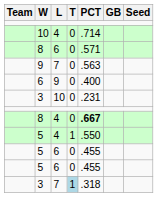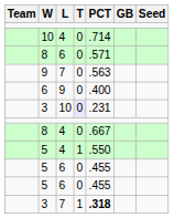 <table class=wikitable>
 <tr>
 <th>Team</th>
 <th>W</th>
 <th>L</th>
 <th>T</th>
 <th>PCT</th>
 <th>GB</th>
 <th>Seed</th>
 </tr>
 <tr>
 <td colspan=7></td>
 </tr>
 <tr bgcolor=#ccffcc>
 <td></td>
 <td>10</td>
 <td>4</td>
 <td>0</td>
 <td>.714</td>
 <td></td>
 <td></td>
 </tr>
 <tr bgcolor=#ccffcc>
 <td></td>
 <td>8</td>
 <td>6</td>
 <td>0</td>
 <td>.571</td>
 <td></td>
 <td></td>
 </tr>
 <tr>
 <td></td>
 <td>9</td>
 <td>7</td>
 <td>0</td>
 <td>.563</td>
 <td></td>
 <td></td>
 </tr>
 <tr>
 <td></td>
 <td>6</td>
 <td>9</td>
 <td>0</td>
 <td>.400</td>
 <td></td>
 <td></td>
 </tr>
 <tr>
 <td></td>
 <td>3</td>
 <td>10</td>
-<td>0</td>
+<td style="background: lavender;">0</td>
 <td>.231</td>
 <td></td>
 <td></td>
 </tr>
 <tr>
 <td colspan=7></td>
 </tr>
 <tr bgcolor=#ccffcc>
 <td></td>
 <td>8</td>
 <td>4</td>
 <td>0</td>
-<td><strong>.667</strong></td>
+<td>.667</td>
 <td></td>
 <td></td>
 </tr>
 <tr bgcolor=#ccffcc>
 <td></td>
 <td>5</td>
 <td>4</td>
 <td>1</td>
 <td>.550</td>
 <td></td>
 <td></td>
 </tr>
 <tr>
 <td></td>
 <td>5</td>
 <td>6</td>
 <td>0</td>
 <td>.455</td>
 <td></td>
 <td></td>
 </tr>
 <tr>
 <td></td>
 <td>5</td>
 <td>6</td>
 <td>0</td>
 <td>.455</td>
 <td></td>
 <td></td>
 </tr>
 <tr>
 <td></td>
 <td>3</td>
 <td>7</td>
-<td style="background: lightblue;">1</td>
-<td>.318</td>
+<td>1</td>
+<td><strong>.318</strong></td>
 <td></td>
 <td></td>
 </tr>
 </table>
